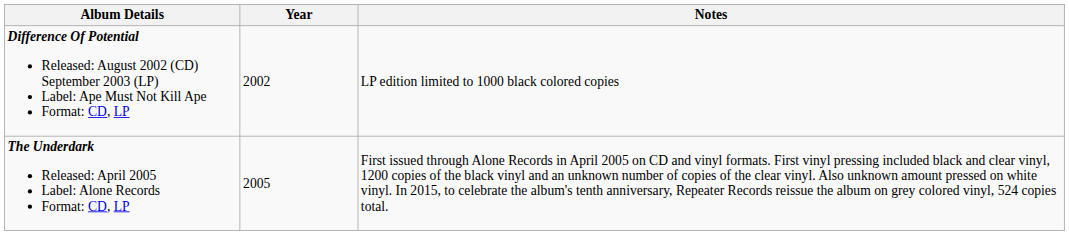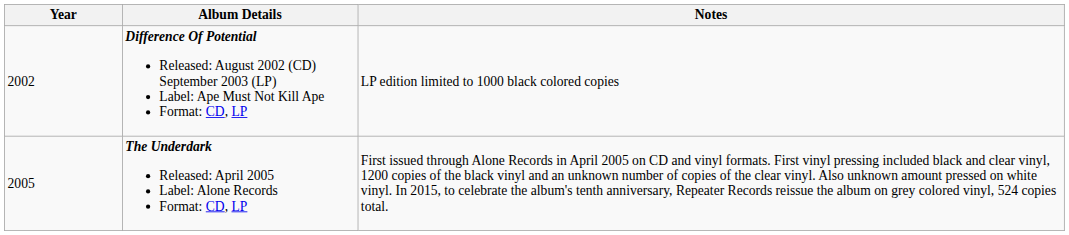 <table class ="wikitable">
 <tr>
+<th style="width: 5%">Year</th>
 <th style="width:10%">Album Details</th>
-<th style="width: 5%">Year</th>
 <th style="width:30%">Notes</th>
 </tr>
 <tr>
+<td>2002</td>
 <td><strong><em>Difference Of Potential</em></strong><br><ul><li>Released: August 2002 (CD) <br> September 2003 (LP)</li><li>Label: Ape Must Not Kill Ape</li><li>Format: <a href='#'>CD</a>, <a href='#'>LP</a></li></ul></td>
-<td>2002</td>
 <td>LP edition limited to 1000 black colored copies</td>
 </tr>
 <tr>
+<td>2005</td>
 <td><strong><em>The Underdark</em></strong><br><ul><li>Released: April 2005</li><li>Label: Alone Records</li><li>Format: <a href='#'>CD</a>, <a href='#'>LP</a></li></ul></td>
-<td>2005</td>
 <td>First issued through Alone Records in April 2005 on CD and vinyl formats. First vinyl pressing included black and clear vinyl, 1200 copies of the black vinyl and an unknown number of copies of the clear vinyl. Also unknown amount pressed on white vinyl. In 2015, to celebrate the album's tenth anniversary, Repeater Records reissue the album on grey colored vinyl, 524 copies total.</td>
 </tr>
 </table>
